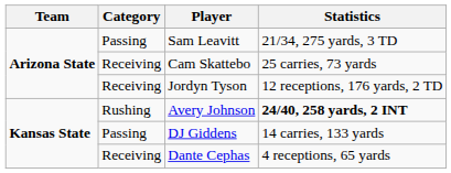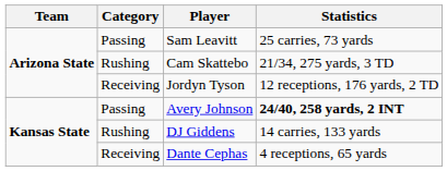 <table class="wikitable" style="float: right;">
 <tr>
 <th>Team</th>
 <th>Category</th>
 <th>Player</th>
 <th>Statistics</th>
 </tr>
 <tr>
 <td rowspan=3><strong>Arizona State</strong></td>
 <td>Passing</td>
 <td>Sam Leavitt</td>
-<td>21/34, 275 yards, 3 TD</td>
+<td>25 carries, 73 yards</td>
 </tr>
 <tr>
-<td>Receiving</td>
+<td>Rushing</td>
 <td>Cam Skattebo</td>
-<td>25 carries, 73 yards</td>
+<td>21/34, 275 yards, 3 TD</td>
 </tr>
 <tr>
 <td>Receiving</td>
 <td>Jordyn Tyson</td>
 <td>12 receptions, 176 yards, 2 TD</td>
 </tr>
 <tr>
 <td rowspan=3><strong>Kansas State</strong></td>
-<td>Rushing</td>
+<td>Passing</td>
 <td><a href='#'>Avery Johnson</a></td>
 <td><strong>24/40, 258 yards, 2 INT</strong></td>
 </tr>
 <tr>
-<td>Passing</td>
+<td>Rushing</td>
 <td><a href='#'>DJ Giddens</a></td>
 <td>14 carries, 133 yards</td>
 </tr>
 <tr>
 <td>Receiving</td>
 <td><a href='#'>Dante Cephas</a></td>
 <td>4 receptions, 65 yards</td>
 </tr>
 </table>
